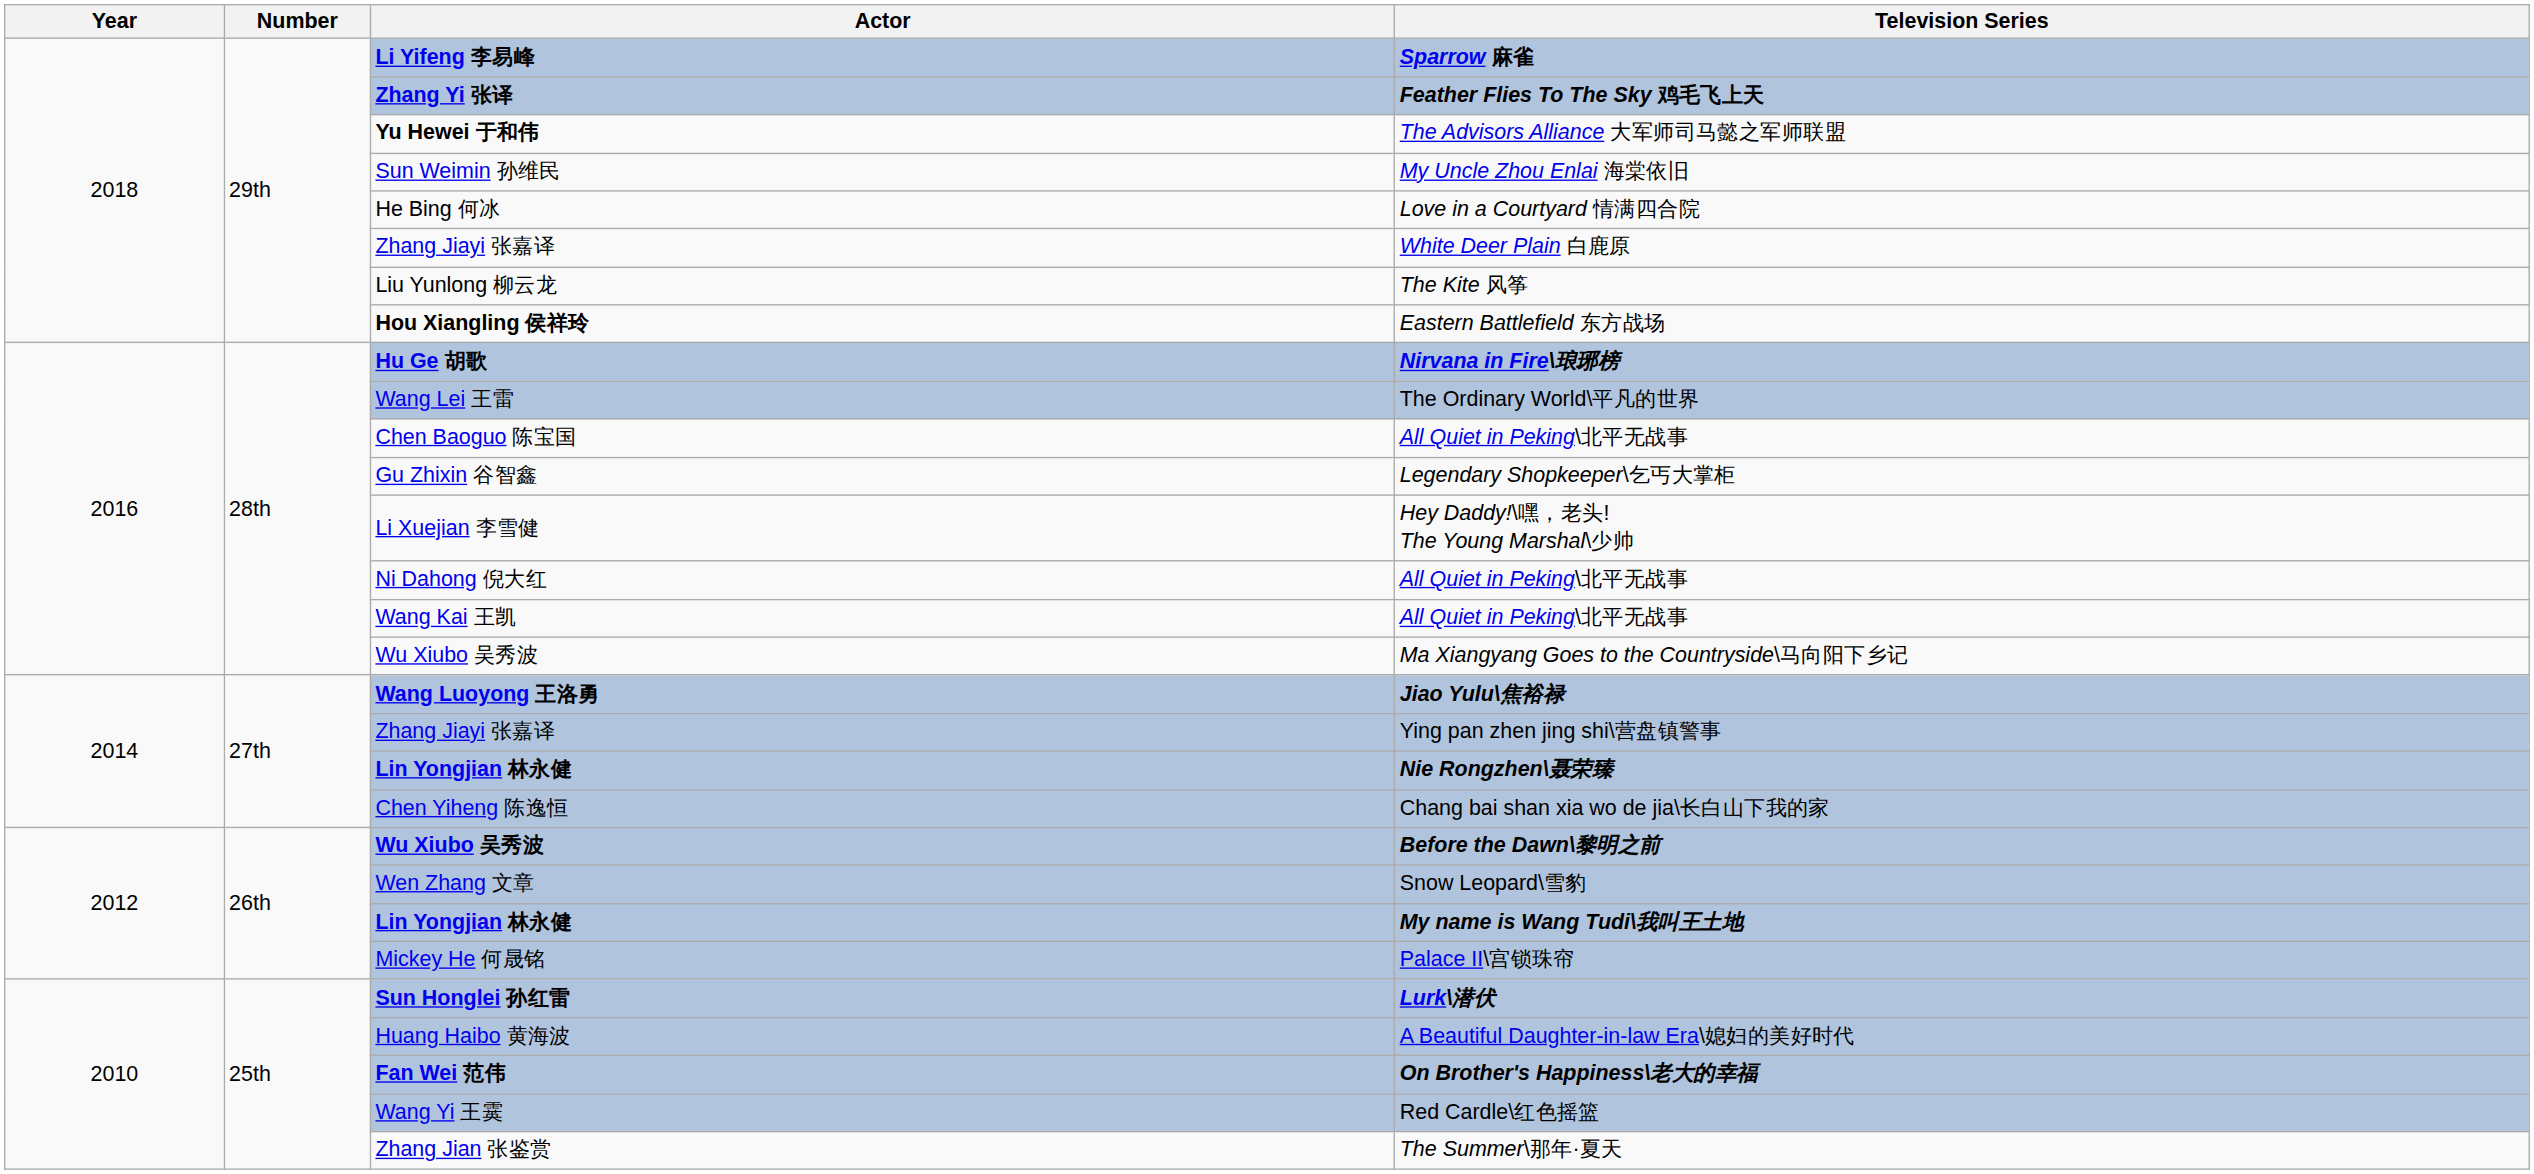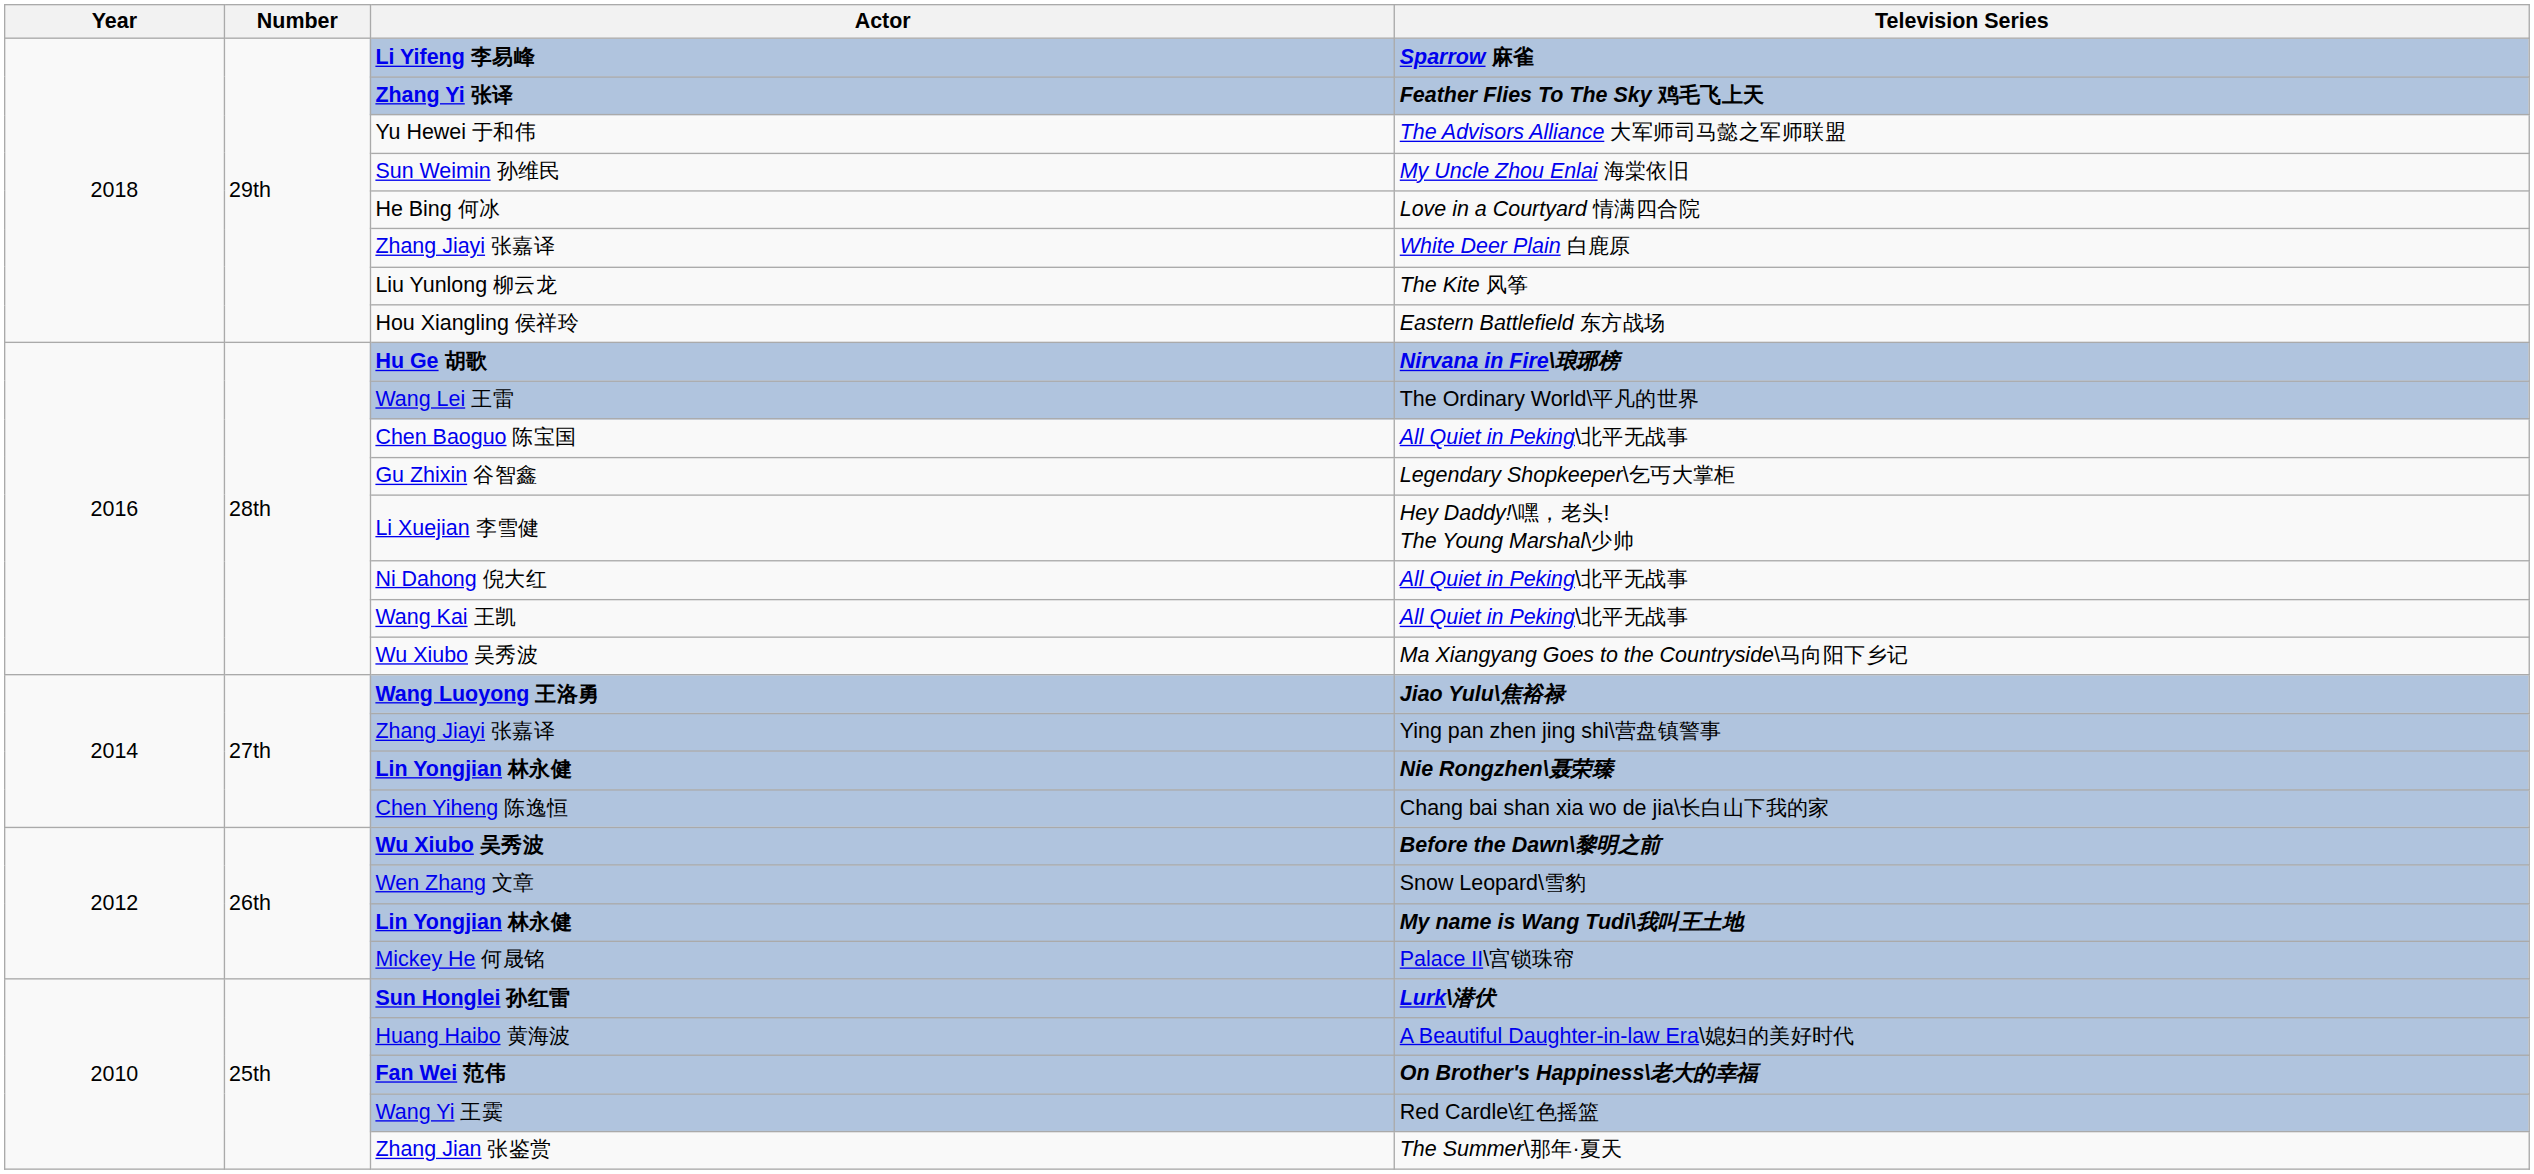 <table class="wikitable" width="95%" align="center">
 <tr>
 <th width="6%">Year</th>
 <th width="4%">Number</th>
 <th width="28%">Actor</th>
 <th width="31%">Television Series</th>
 </tr>
 <tr>
 <td rowspan="8" style="text-align:center;">2018</td>
 <td rowspan="8">29th</td>
 <td style="background:#B0C4DE;"><strong><a href='#'>Li Yifeng</a> 李易峰</strong></td>
 <td style="background:#B0C4DE;"><strong><em><a href='#'>Sparrow</a></em></strong> <strong>麻雀</strong></td>
 </tr>
 <tr>
 <td style="background:#B0C4DE;"><strong><a href='#'>Zhang Yi</a> 张译</strong></td>
 <td style="background:#B0C4DE;"><strong><em>Feather Flies To The Sky</em></strong> <strong>鸡毛飞上天</strong></td>
 </tr>
 <tr>
-<td><strong>Yu Hewei 于和伟</strong></td>
+<td>Yu Hewei 于和伟</td>
 <td><em><a href='#'>The Advisors Alliance</a></em> 大军师司马懿之军师联盟</td>
 </tr>
 <tr>
 <td><a href='#'>Sun Weimin</a> 孙维民</td>
 <td><em><a href='#'>My Uncle Zhou Enlai</a></em> 海棠依旧</td>
 </tr>
 <tr>
 <td>He Bing 何冰</td>
 <td><em>Love in a Courtyard</em> 情满四合院</td>
 </tr>
 <tr>
 <td><a href='#'>Zhang Jiayi</a> 张嘉译</td>
 <td><em><a href='#'>White Deer Plain</a></em> 白鹿原</td>
 </tr>
 <tr>
 <td>Liu Yunlong 柳云龙</td>
 <td><em>The Kite</em> 风筝</td>
 </tr>
 <tr>
-<td><strong>Hou Xiangling 侯祥玲</strong></td>
+<td>Hou Xiangling 侯祥玲</td>
 <td><em>Eastern Battlefield</em> 东方战场</td>
 </tr>
 <tr>
 <td rowspan="8" style="text-align:center;">2016</td>
 <td rowspan="8">28th</td>
 <td style="background:#B0C4DE;"><strong><a href='#'>Hu Ge</a> 胡歌</strong></td>
 <td style="background:#B0C4DE;"><strong><em><a href='#'>Nirvana in Fire</a><em>\琅琊榜<strong></td>
 </tr>
 <tr>
 <td style="background:#B0C4DE;"></strong><a href='#'>Wang Lei</a> 王雷<strong></td>
 <td style="background:#B0C4DE;"></em></strong>The Ordinary World</em>\平凡的世界</strong></td>
 </tr>
 <tr>
 <td><a href='#'>Chen Baoguo</a> 陈宝国</td>
 <td><em><a href='#'>All Quiet in Peking</a></em>\北平无战事</td>
 </tr>
 <tr>
 <td><a href='#'>Gu Zhixin</a> 谷智鑫</td>
 <td><em>Legendary Shopkeeper</em>\乞丐大掌柜</td>
 </tr>
 <tr>
 <td><a href='#'>Li Xuejian</a> 李雪健</td>
 <td><em>Hey Daddy!</em>\嘿，老头! <br> <em>The Young Marshal</em>\少帅</td>
 </tr>
 <tr>
 <td><a href='#'>Ni Dahong</a> 倪大红</td>
 <td><em><a href='#'>All Quiet in Peking</a></em>\北平无战事</td>
 </tr>
 <tr>
 <td><a href='#'>Wang Kai</a> 王凯</td>
 <td><em><a href='#'>All Quiet in Peking</a></em>\北平无战事</td>
 </tr>
 <tr>
 <td><a href='#'>Wu Xiubo</a> 吴秀波</td>
 <td><em>Ma Xiangyang Goes to the Countryside</em>\马向阳下乡记</td>
 </tr>
 <tr>
 <td rowspan="4" style="text-align:center;">2014</td>
 <td rowspan="4">27th</td>
 <td style="background:#B0C4DE;"><strong><a href='#'>Wang Luoyong</a> 王洛勇</strong></td>
 <td style="background:#B0C4DE;"><strong><em>Jiao Yulu<em>\焦裕禄<strong></td>
 </tr>
 <tr>
 <td style="background:#B0C4DE;"></strong> <a href='#'>Zhang Jiayi</a> 张嘉译<strong></td>
 <td style="background:#B0C4DE;"></em></strong>Ying pan zhen jing shi</em>\营盘镇警事</strong></td>
 </tr>
 <tr>
 <td style="background:#B0C4DE;"><strong> <a href='#'>Lin Yongjian</a> 林永健</strong></td>
 <td style="background:#B0C4DE;"><strong><em>Nie Rongzhen<em>\聂荣臻<strong></td>
 </tr>
 <tr>
 <td style="background:#B0C4DE;"></strong><a href='#'>Chen Yiheng</a> 陈逸恒<strong></td>
 <td style="background:#B0C4DE;"></em></strong>Chang bai shan xia wo de jia</em>\长白山下我的家</strong></td>
 </tr>
 <tr>
 <td rowspan="4" style="text-align:center;">2012</td>
 <td rowspan="4">26th</td>
 <td style="background:#B0C4DE;"><strong><a href='#'>Wu Xiubo</a> 吴秀波</strong></td>
 <td style="background:#B0C4DE;"><strong><em>Before the Dawn<em>\黎明之前<strong></td>
 </tr>
 <tr>
 <td style="background:#B0C4DE;"></strong> <a href='#'>Wen Zhang</a> 文章<strong></td>
 <td style="background:#B0C4DE;"></em></strong>Snow Leopard</em>\雪豹</strong></td>
 </tr>
 <tr>
 <td style="background:#B0C4DE;"><strong><a href='#'>Lin Yongjian</a> 林永健</strong></td>
 <td style="background:#B0C4DE;"><strong><em>My name is Wang Tudi<em>\我叫王土地<strong></td>
 </tr>
 <tr>
 <td style="background:#B0C4DE;"></strong><a href='#'>Mickey He</a> 何晟铭<strong></td>
 <td style="background:#B0C4DE;"></em></strong><a href='#'>Palace II</a></em>\宫锁珠帘</strong></td>
 </tr>
 <tr>
 <td rowspan="5" style="text-align:center;">2010</td>
 <td rowspan="5">25th</td>
 <td style="background:#B0C4DE;"><strong><a href='#'>Sun Honglei</a> 孙红雷</strong></td>
 <td style="background:#B0C4DE;"><strong><em><a href='#'>Lurk</a><em>\潜伏<strong></td>
 </tr>
 <tr>
 <td style="background:#B0C4DE;"></strong> <a href='#'>Huang Haibo</a> 黄海波<strong></td>
 <td style="background:#B0C4DE;"></em></strong><a href='#'>A Beautiful Daughter-in-law Era</a></em>\媳妇的美好时代</strong></td>
 </tr>
 <tr>
 <td style="background:#B0C4DE;"><strong><a href='#'>Fan Wei</a> 范伟</strong></td>
 <td style="background:#B0C4DE;"><strong><em>On Brother's Happiness<em>\老大的幸福<strong></td>
 </tr>
 <tr>
 <td style="background:#B0C4DE;"></strong><a href='#'>Wang Yi</a> 王霙<strong></td>
 <td style="background:#B0C4DE;"></em></strong>Red Cardle</em>\红色摇篮</strong></td>
 </tr>
 <tr>
 <td><a href='#'>Zhang Jian</a> 张鉴赏</td>
 <td><em>The Summer</em>\那年·夏天</td>
 </tr>
 </table>
